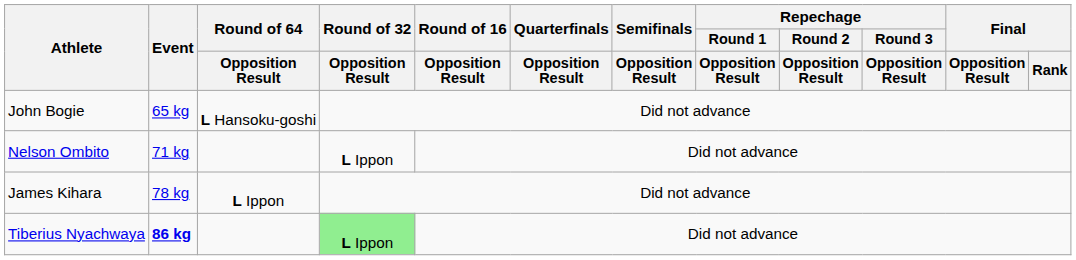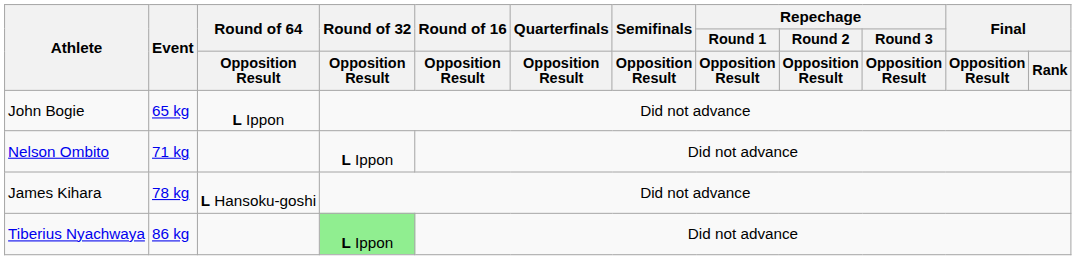 <table class="wikitable" style="font-size:90%">
 <tr>
 <th rowspan="3">Athlete</th>
 <th rowspan="3">Event</th>
 <th rowspan="2">Round of 64</th>
 <th rowspan="2">Round of 32</th>
 <th rowspan="2">Round of 16</th>
 <th rowspan="2">Quarterfinals</th>
 <th rowspan="2">Semifinals</th>
 <th colspan=3>Repechage</th>
 <th rowspan="2" colspan=2>Final</th>
 </tr>
 <tr style="font-size:95%">
 <th>Round 1</th>
 <th>Round 2</th>
 <th>Round 3</th>
 </tr>
 <tr style="font-size:95%">
 <th>Opposition<br>Result</th>
 <th>Opposition<br>Result</th>
 <th>Opposition<br>Result</th>
 <th>Opposition<br>Result</th>
 <th>Opposition<br>Result</th>
 <th>Opposition<br>Result</th>
 <th>Opposition<br>Result</th>
 <th>Opposition<br>Result</th>
 <th>Opposition<br>Result</th>
 <th>Rank</th>
 </tr>
 <tr align=center>
 <td align=left>John Bogie</td>
 <td align=left><a href='#'>65 kg</a></td>
-<td><br><strong>L</strong> Hansoku-goshi</td>
+<td><br><strong>L</strong> Ippon</td>
 <td colspan=9>Did not advance</td>
 </tr>
 <tr align=center>
 <td align=left><a href='#'>Nelson Ombito</a></td>
 <td align=left><a href='#'>71 kg</a></td>
 <td></td>
 <td><br><strong>L</strong> Ippon</td>
 <td colspan=8>Did not advance</td>
 </tr>
 <tr align=center>
 <td align=left>James Kihara</td>
 <td align=left><a href='#'>78 kg</a></td>
-<td><br><strong>L</strong> Ippon</td>
+<td><br><strong>L</strong> Hansoku-goshi</td>
 <td colspan=9>Did not advance</td>
 </tr>
 <tr align=center>
 <td align=left><a href='#'>Tiberius Nyachwaya</a></td>
-<td align=left><strong><a href='#'>86 kg</a></strong></td>
+<td align=left><a href='#'>86 kg</a></td>
 <td></td>
 <td style="background: lightgreen;"><br><strong>L</strong> Ippon</td>
 <td colspan=8>Did not advance</td>
 </tr>
 </table>
